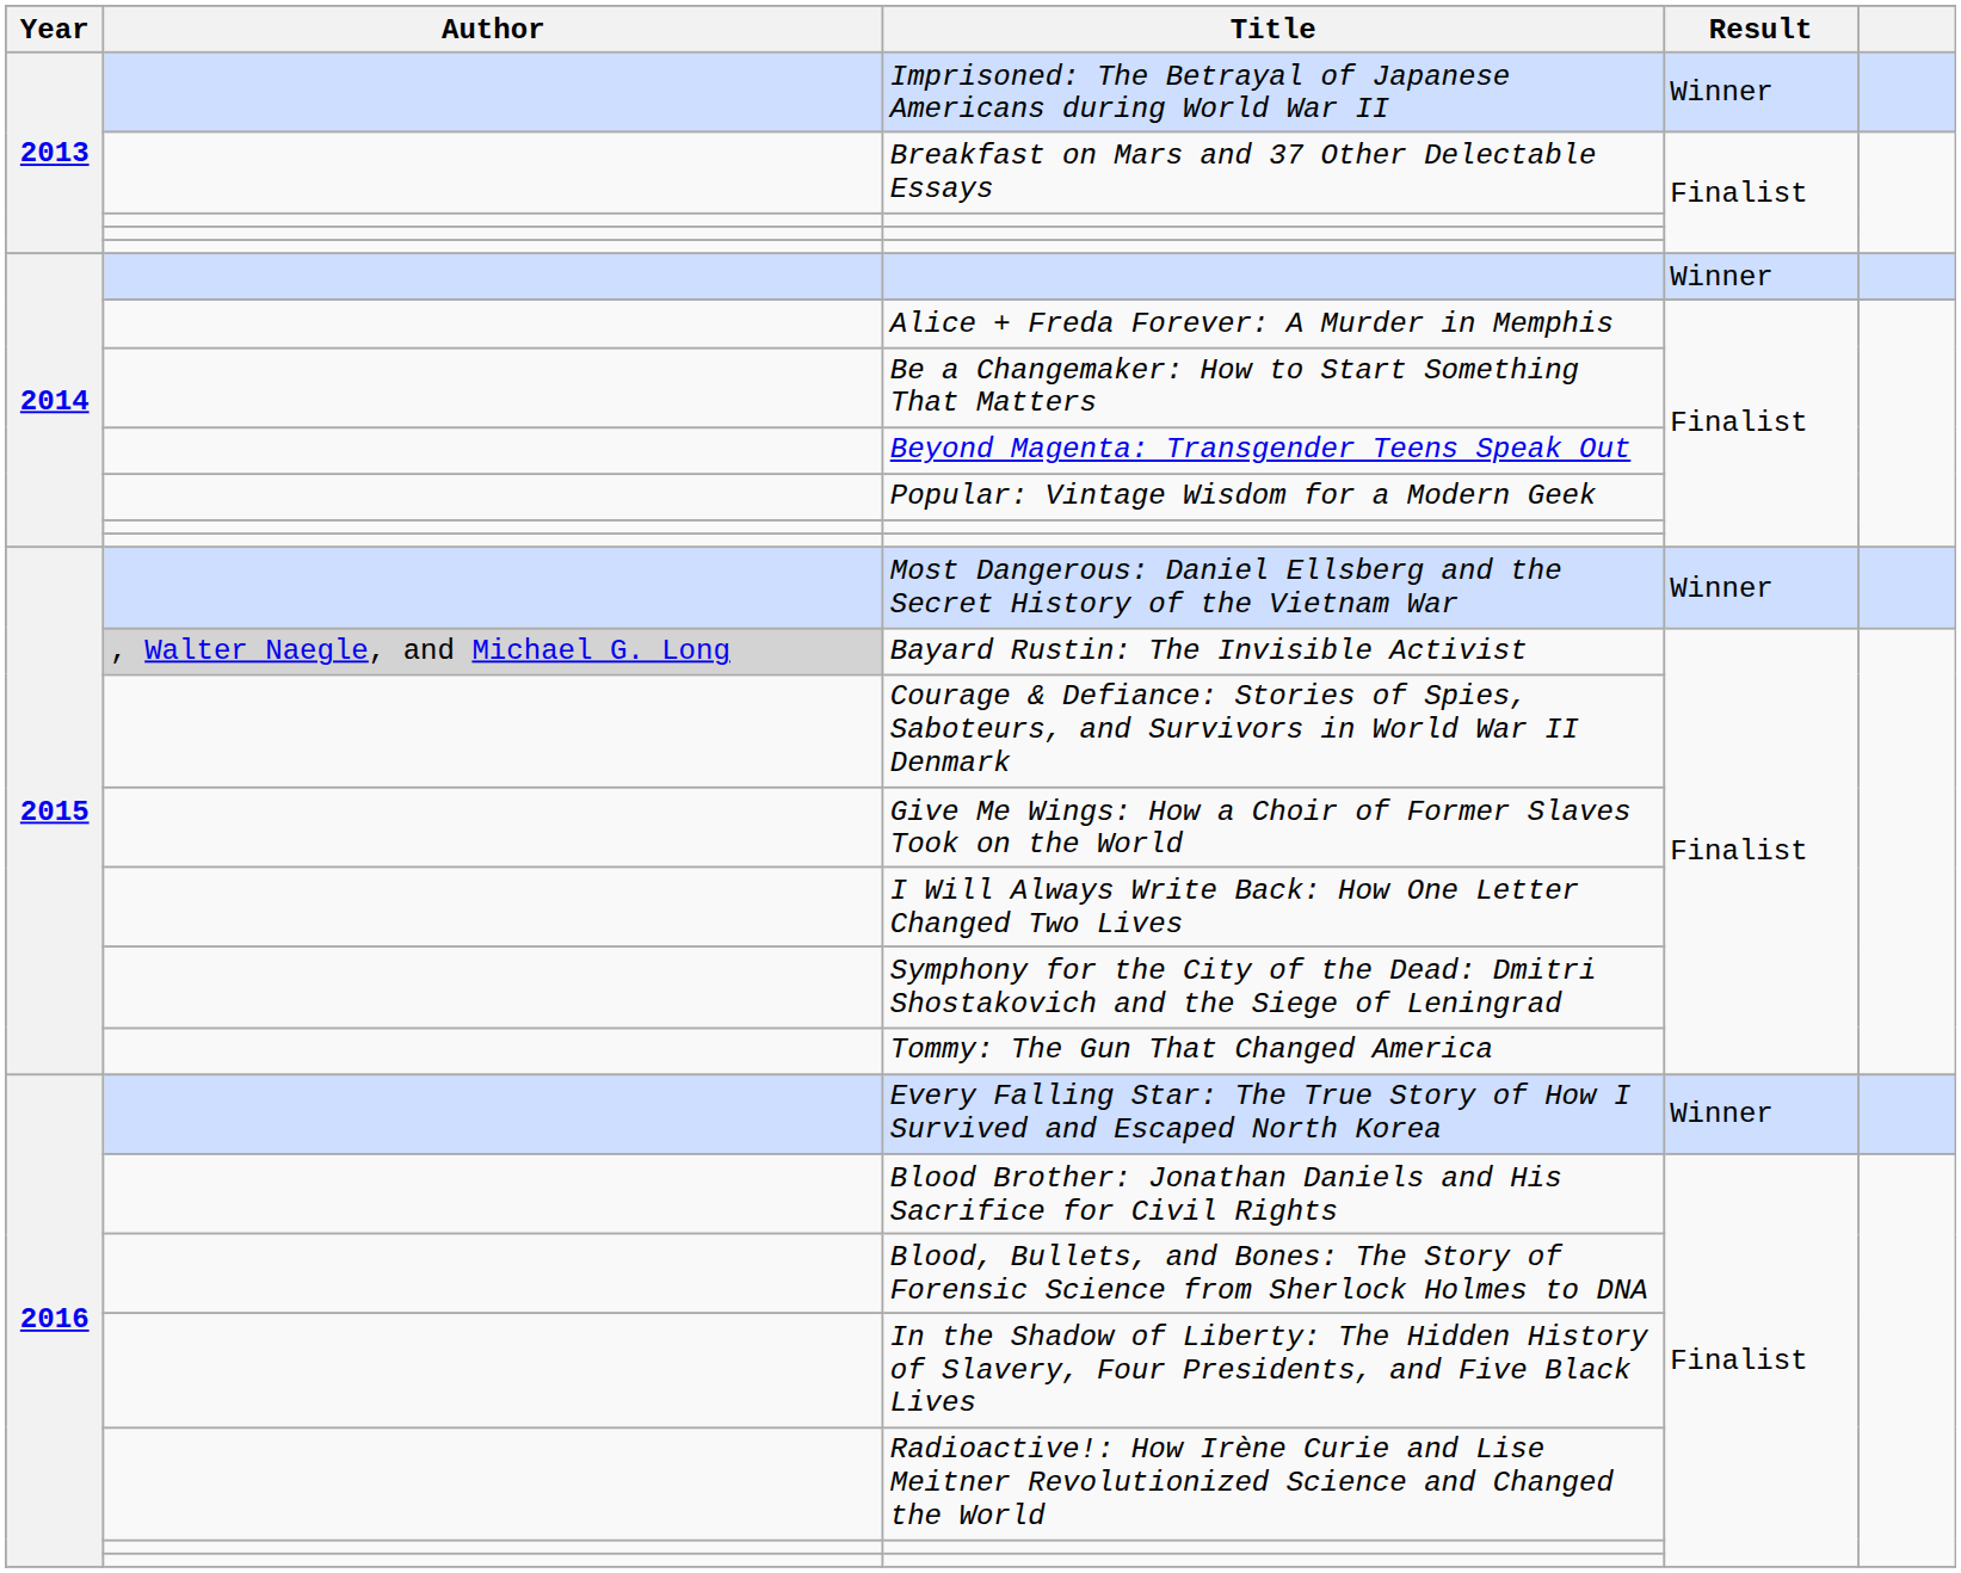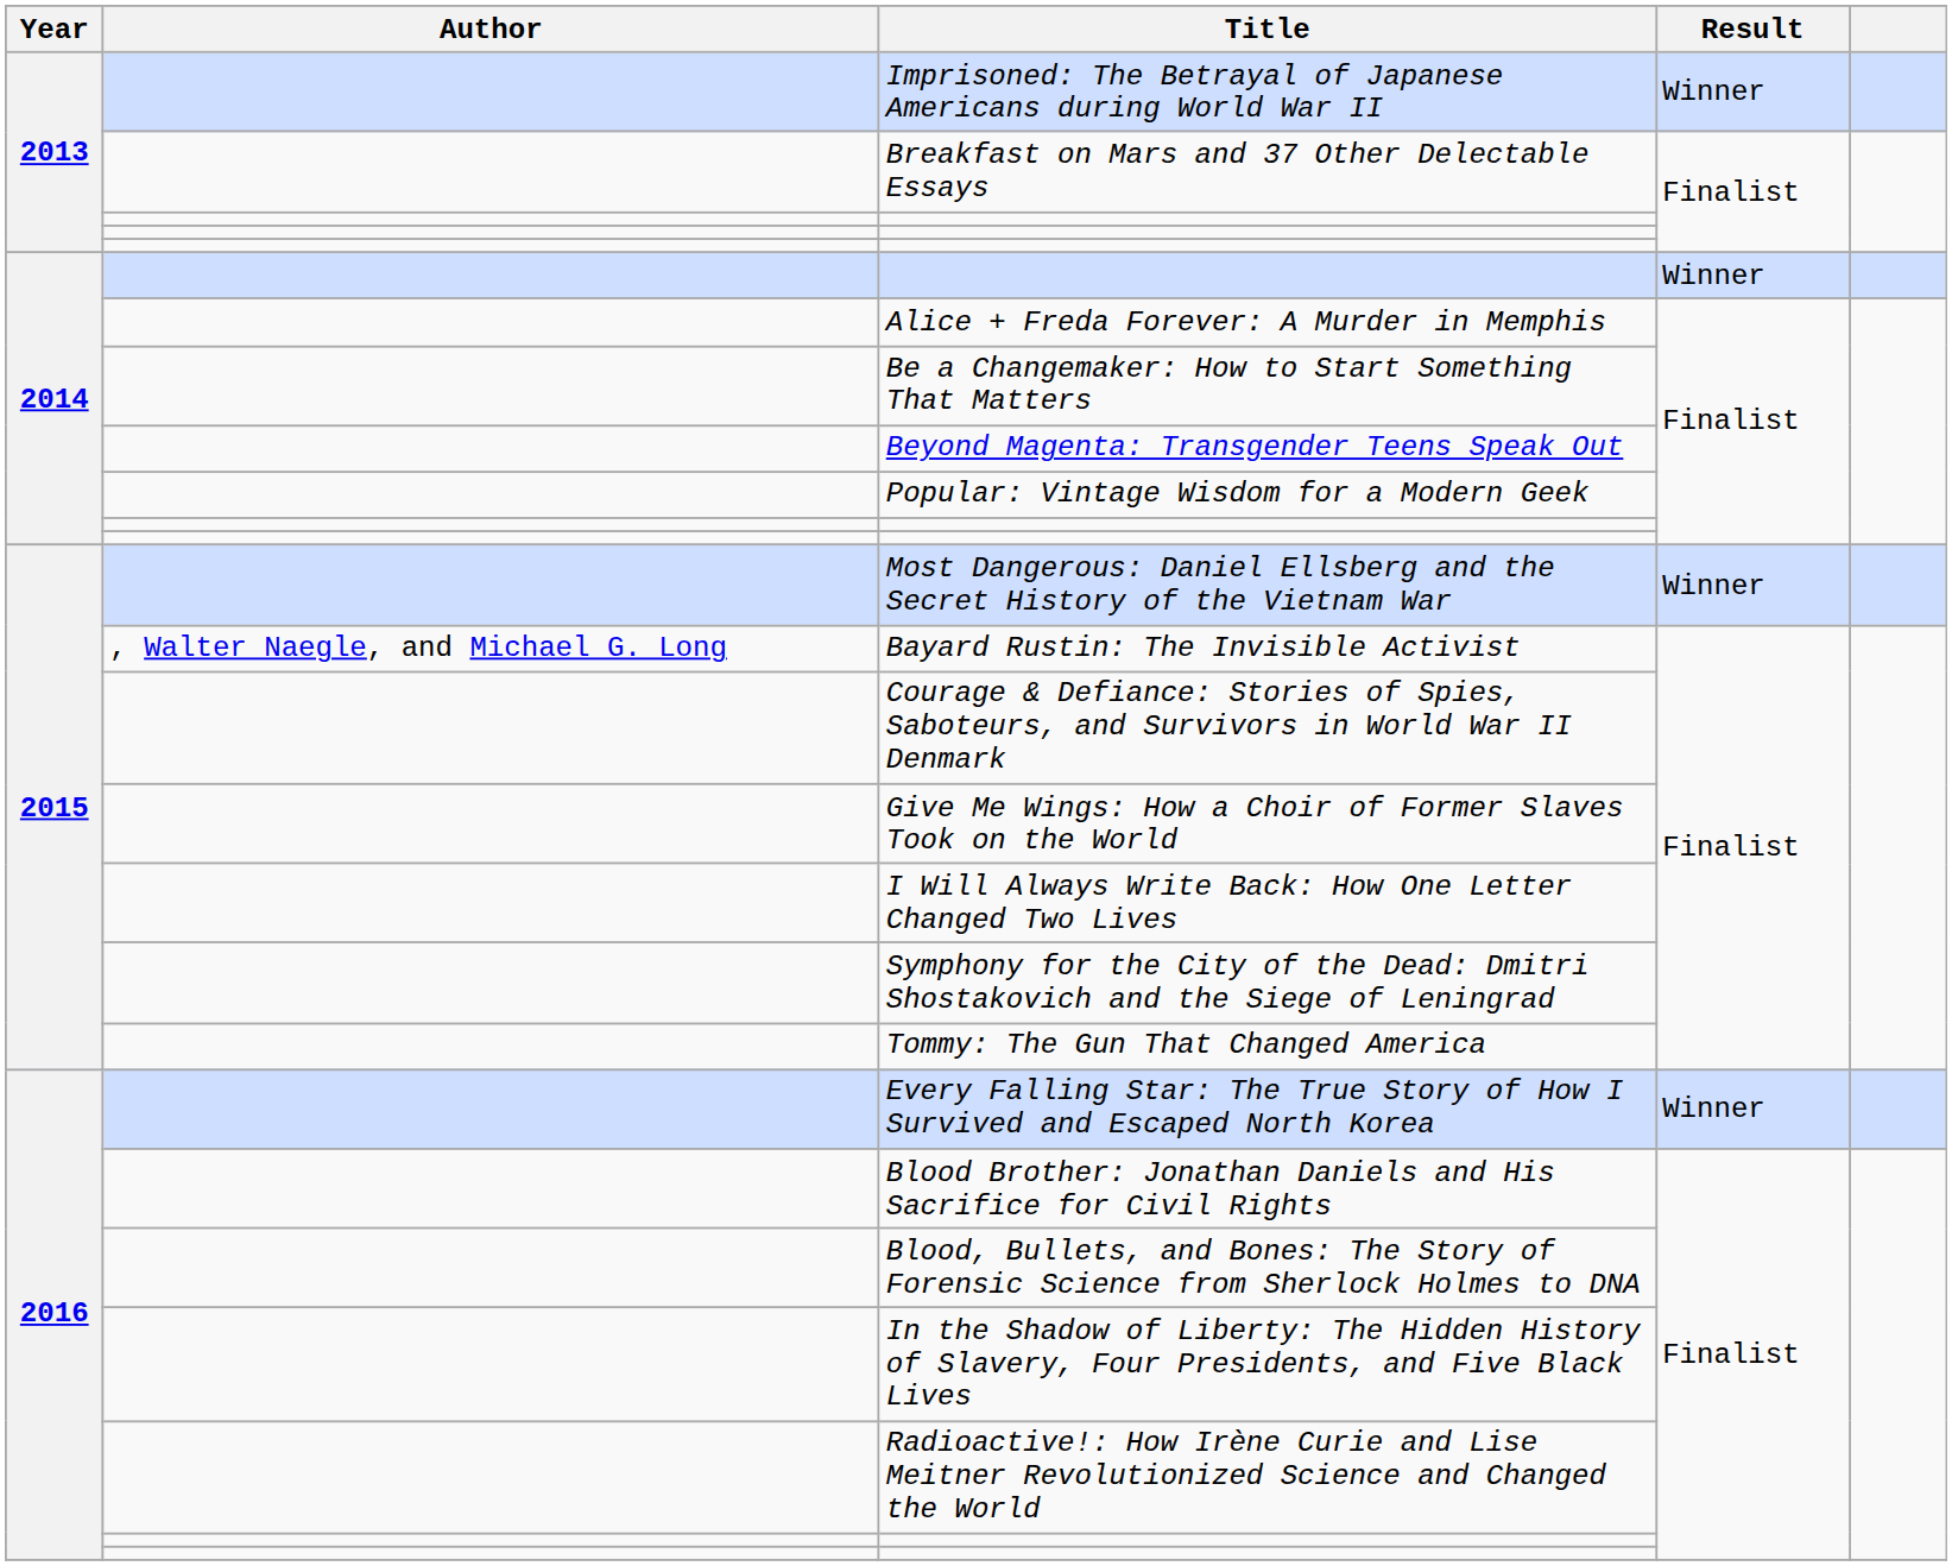 <table class="wikitable sortable mw-collapsible" width="100%">
 <tr>
 <th scope=col width="5%">Year</th>
 <th scope=col width="40%">Author</th>
 <th scope=col width="40%">Title</th>
 <th scope=col width="10%">Result</th>
 <th scope=col width="5%" class="unsortable"></th>
 </tr>
 <tr style="background:#cddeff">
 <th scope=row rowspan="5"><a href='#'>2013</a></th>
 <td></td>
 <td><em>Imprisoned: The Betrayal of Japanese Americans during World War II</em></td>
 <td>Winner</td>
 <td></td>
 </tr>
 <tr>
 <td></td>
 <td><em>Breakfast on Mars and 37 Other Delectable Essays</em></td>
 <td rowspan="4">Finalist</td>
 <td rowspan="4"></td>
 </tr>
 <tr>
 <td></td>
 <td></td>
 </tr>
 <tr>
 <td></td>
 <td></td>
 </tr>
 <tr>
 <td></td>
 <td></td>
 </tr>
 <tr style="background:#cddeff">
 <th scope=row rowspan="7"><a href='#'>2014</a></th>
 <td></td>
 <td><em></em></td>
 <td>Winner</td>
 <td></td>
 </tr>
 <tr>
 <td></td>
 <td><em>Alice + Freda Forever: A Murder in Memphis</em></td>
 <td rowspan="6">Finalist</td>
 <td rowspan="6"></td>
 </tr>
 <tr>
 <td></td>
 <td><em>Be a Changemaker: How to Start Something That Matters</em></td>
 </tr>
 <tr>
 <td></td>
 <td><em><a href='#'>Beyond Magenta: Transgender Teens Speak Out</a></em></td>
 </tr>
 <tr>
 <td></td>
 <td><em>Popular: Vintage Wisdom for a Modern Geek</em></td>
 </tr>
 <tr>
 <td></td>
 <td><em></em></td>
 </tr>
 <tr>
 <td></td>
 <td><em></em></td>
 </tr>
 <tr style="background:#cddeff">
 <th scope=row rowspan="7"><a href='#'>2015</a></th>
 <td></td>
 <td><em>Most Dangerous: Daniel Ellsberg and the Secret History of the Vietnam War</em></td>
 <td>Winner</td>
 <td></td>
 </tr>
 <tr>
-<td style="background: lightgrey;">, <a href='#'>Walter Naegle</a>, and <a href='#'>Michael G. Long</a></td>
+<td>, <a href='#'>Walter Naegle</a>, and <a href='#'>Michael G. Long</a></td>
 <td><em>Bayard Rustin: The Invisible Activist</em></td>
 <td rowspan="6">Finalist</td>
 <td rowspan="6"></td>
 </tr>
 <tr>
 <td></td>
 <td><em>Courage & Defiance: Stories of Spies, Saboteurs, and Survivors in World War II Denmark</em></td>
 </tr>
 <tr>
 <td></td>
 <td><em>Give Me Wings: How a Choir of Former Slaves Took on the World</em></td>
 </tr>
 <tr>
 <td></td>
 <td><em>I Will Always Write Back: How One Letter Changed Two Lives</em></td>
 </tr>
 <tr>
 <td></td>
 <td><em>Symphony for the City of the Dead: Dmitri Shostakovich and the Siege of Leningrad</em></td>
 </tr>
 <tr>
 <td></td>
 <td><em>Tommy: The Gun That Changed America</em></td>
 </tr>
 <tr style="background:#cddeff">
 <th scope=row rowspan="7"><a href='#'>2016</a></th>
 <td></td>
 <td><em>Every Falling Star: The True Story of How I Survived and Escaped North Korea</em></td>
 <td>Winner</td>
 <td></td>
 </tr>
 <tr>
 <td></td>
 <td><em>Blood Brother: Jonathan Daniels and His Sacrifice for Civil Rights</em></td>
 <td rowspan="6">Finalist</td>
 <td rowspan="6"></td>
 </tr>
 <tr>
 <td></td>
 <td><em>Blood, Bullets, and Bones: The Story of Forensic Science from Sherlock Holmes to DNA</em></td>
 </tr>
 <tr>
 <td></td>
 <td><em>In the Shadow of Liberty: The Hidden History of Slavery, Four Presidents, and Five Black Lives</em></td>
 </tr>
 <tr>
 <td></td>
 <td><em>Radioactive!: How Irène Curie and Lise Meitner Revolutionized Science and Changed the World</em></td>
 </tr>
 <tr>
 <td></td>
 <td></td>
 </tr>
 <tr>
 <td></td>
 <td></td>
 </tr>
 </table>
